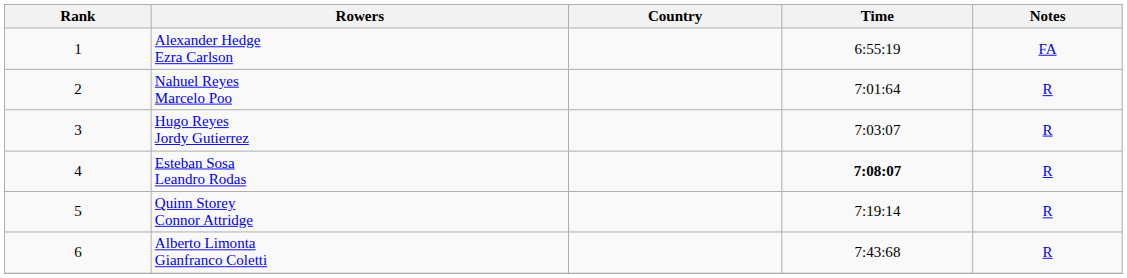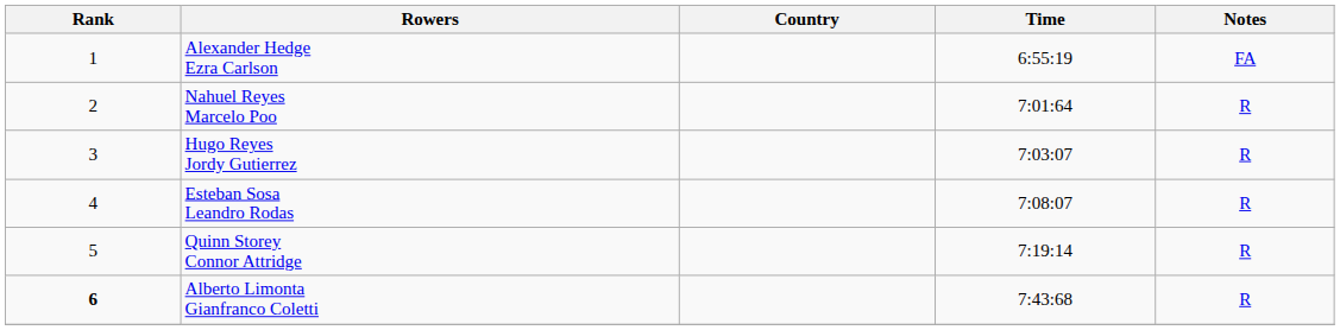 <table class="wikitable" width=60% style="text-align:center">
 <tr>
 <th>Rank</th>
 <th>Rowers</th>
 <th>Country</th>
 <th>Time</th>
 <th>Notes</th>
 </tr>
 <tr>
 <td>1</td>
 <td align=left><a href='#'>Alexander Hedge</a><br><a href='#'>Ezra Carlson</a></td>
 <td align=left></td>
 <td>6:55:19</td>
 <td><a href='#'>FA</a></td>
 </tr>
 <tr>
 <td>2</td>
 <td align=left><a href='#'>Nahuel Reyes</a><br><a href='#'>Marcelo Poo</a></td>
 <td align=left></td>
 <td>7:01:64</td>
 <td><a href='#'>R</a></td>
 </tr>
 <tr>
 <td>3</td>
 <td align=left><a href='#'>Hugo Reyes</a><br><a href='#'>Jordy Gutierrez</a></td>
 <td align=left></td>
 <td>7:03:07</td>
 <td><a href='#'>R</a></td>
 </tr>
 <tr>
 <td>4</td>
 <td align=left><a href='#'>Esteban Sosa</a><br><a href='#'>Leandro Rodas</a></td>
 <td align=left></td>
-<td><strong>7:08:07</strong></td>
+<td>7:08:07</td>
 <td><a href='#'>R</a></td>
 </tr>
 <tr>
 <td>5</td>
 <td align=left><a href='#'>Quinn Storey</a><br><a href='#'>Connor Attridge</a></td>
 <td align=left></td>
 <td>7:19:14</td>
 <td><a href='#'>R</a></td>
 </tr>
 <tr>
-<td>6</td>
+<td><strong>6</strong></td>
 <td align=left><a href='#'>Alberto Limonta</a><br><a href='#'>Gianfranco Coletti</a></td>
 <td align=left></td>
 <td>7:43:68</td>
 <td><a href='#'>R</a></td>
 </tr>
 <tr>
 </tr>
 </table>
